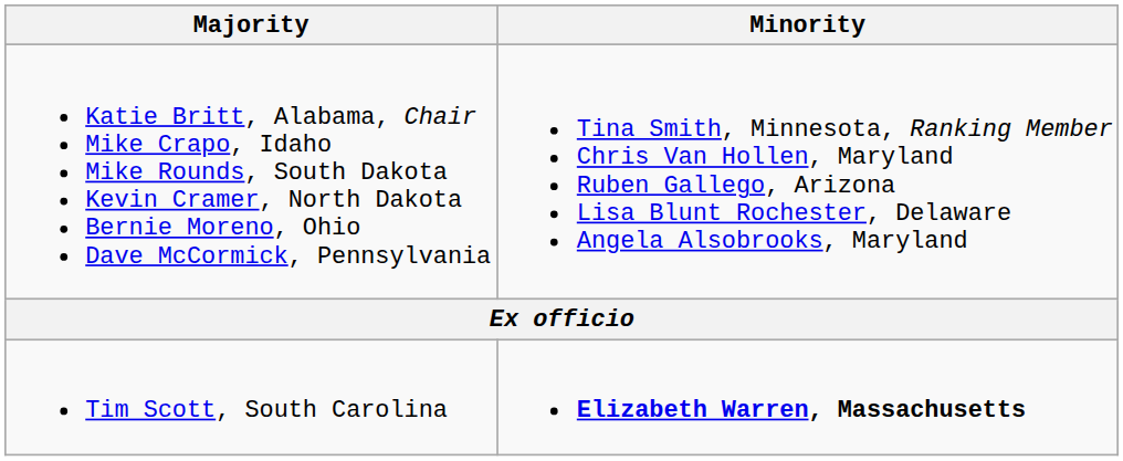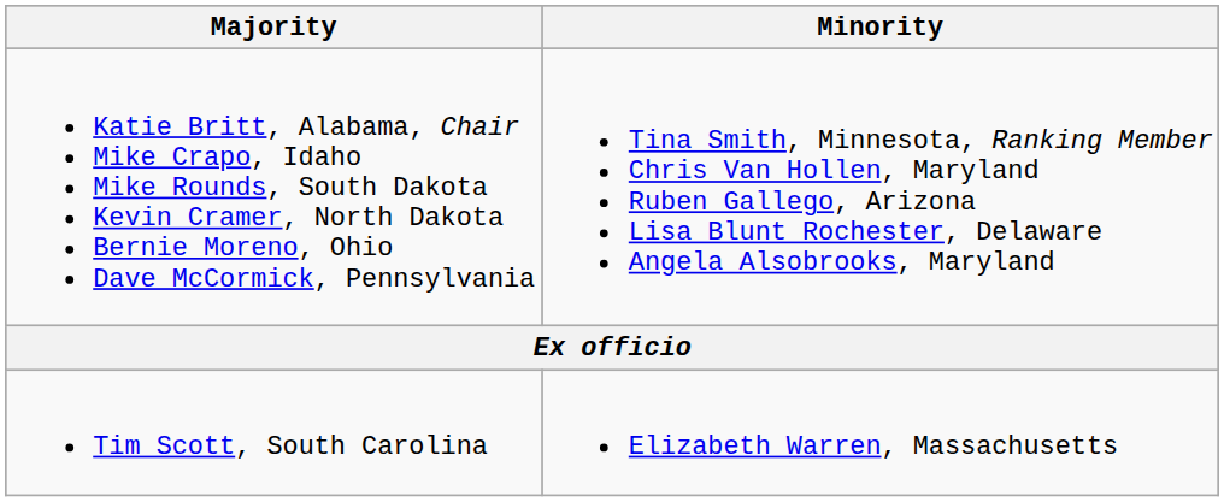 <table class=wikitable>
 <tr>
 <th>Majority</th>
 <th>Minority</th>
 </tr>
 <tr>
 <td><br><ul><li><a href='#'>Katie Britt</a>, Alabama, <em>Chair</em></li><li><a href='#'>Mike Crapo</a>, Idaho</li><li><a href='#'>Mike Rounds</a>, South Dakota</li><li><a href='#'>Kevin Cramer</a>, North Dakota</li><li><a href='#'>Bernie Moreno</a>, Ohio</li><li><a href='#'>Dave McCormick</a>, Pennsylvania</li></ul></td>
 <td><br><ul><li><a href='#'>Tina Smith</a>, Minnesota, <em>Ranking Member</em></li><li><a href='#'>Chris Van Hollen</a>, Maryland</li><li><a href='#'>Ruben Gallego</a>, Arizona</li><li><a href='#'>Lisa Blunt Rochester</a>, Delaware</li><li><a href='#'>Angela Alsobrooks</a>, Maryland</li></ul></td>
 </tr>
 <tr>
 <th colspan=2><em>Ex officio</em></th>
 </tr>
 <tr>
 <td><br><ul><li><a href='#'>Tim Scott</a>, South Carolina</li></ul></td>
-<td><strong><br><ul><li><a href='#'>Elizabeth Warren</a>, Massachusetts</li></ul></strong></td>
+<td><br><ul><li><a href='#'>Elizabeth Warren</a>, Massachusetts</li></ul></td>
 </tr>
 </table>
